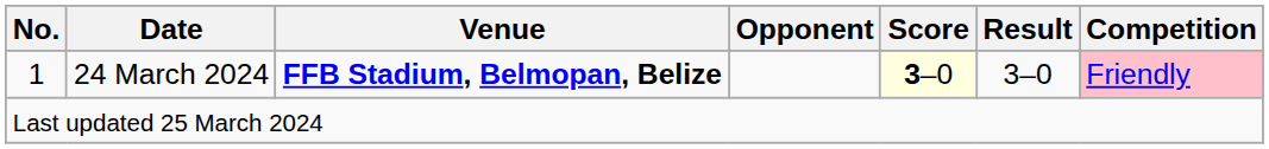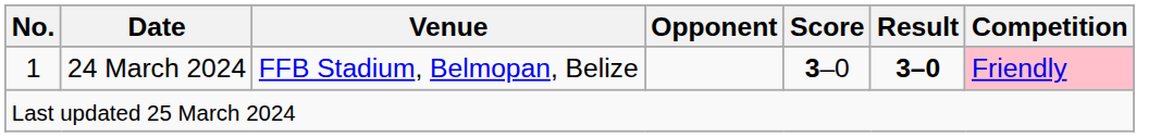 <table class="wikitable" style="font-size:85%;">
 <tr>
 <th>No.</th>
 <th>Date</th>
 <th>Venue</th>
 <th>Opponent</th>
 <th>Score</th>
 <th>Result</th>
 <th>Competition</th>
 </tr>
 <tr>
 <td align="center">1</td>
 <td>24 March 2024</td>
-<td><strong><a href='#'>FFB Stadium</a>, <a href='#'>Belmopan</a>, Belize</strong></td>
+<td><a href='#'>FFB Stadium</a>, <a href='#'>Belmopan</a>, Belize</td>
 <td></td>
-<td align=center style="background: lightyellow;"><strong>3</strong>–0</td>
-<td align=center>3–0</td>
+<td align=center><strong>3</strong>–0</td>
+<td align=center><strong>3–0</strong></td>
 <td style="background: pink;"><a href='#'>Friendly</a></td>
 </tr>
 <tr>
 <td colspan="7"><small>Last updated 25 March 2024</small></td>
 </tr>
 </table>
